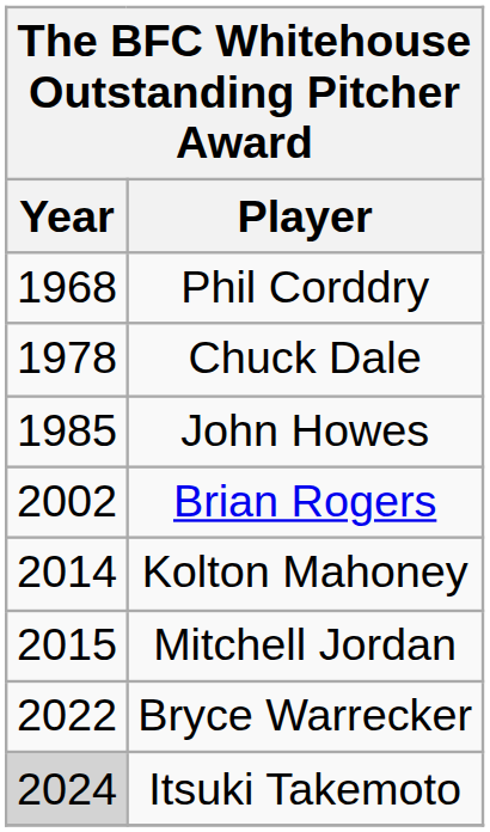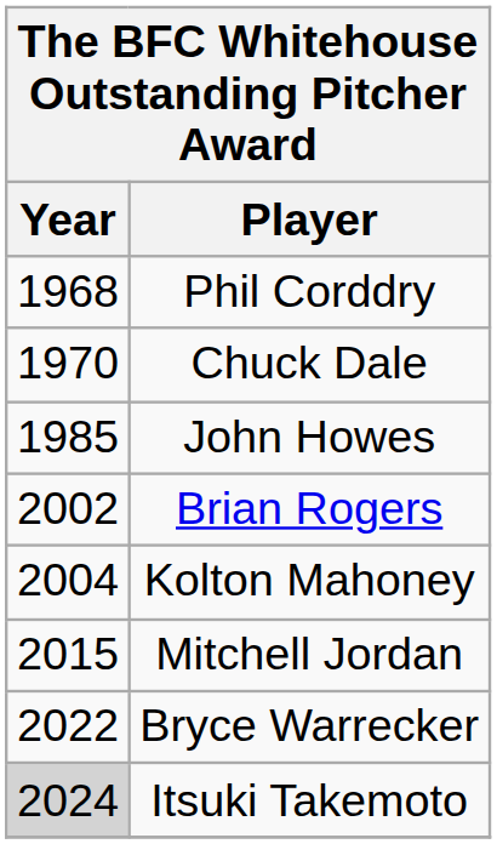 <table class="wikitable" style="display: inline-table; margin-right: 20px; text-align:center">
 <tr>
 <th scope="col" colspan="2" style="width: 145px;">The BFC Whitehouse Outstanding Pitcher Award</th>
 </tr>
 <tr>
 <th scope="col">Year</th>
 <th scope="col">Player</th>
 </tr>
 <tr>
 <td>1968</td>
 <td>Phil Corddry</td>
 </tr>
 <tr>
-<td>1978</td>
+<td>1970</td>
 <td>Chuck Dale</td>
 </tr>
 <tr>
 <td>1985</td>
 <td>John Howes</td>
 </tr>
 <tr>
 <td>2002</td>
 <td><a href='#'>Brian Rogers</a></td>
 </tr>
 <tr>
-<td>2014</td>
+<td>2004</td>
 <td>Kolton Mahoney</td>
 </tr>
 <tr>
 <td>2015</td>
 <td>Mitchell Jordan</td>
 </tr>
 <tr>
 <td>2022</td>
 <td>Bryce Warrecker</td>
 </tr>
 <tr>
 <td style="background: lightgrey;">2024</td>
 <td>Itsuki Takemoto</td>
 </tr>
 <tr>
 </tr>
 </table>
